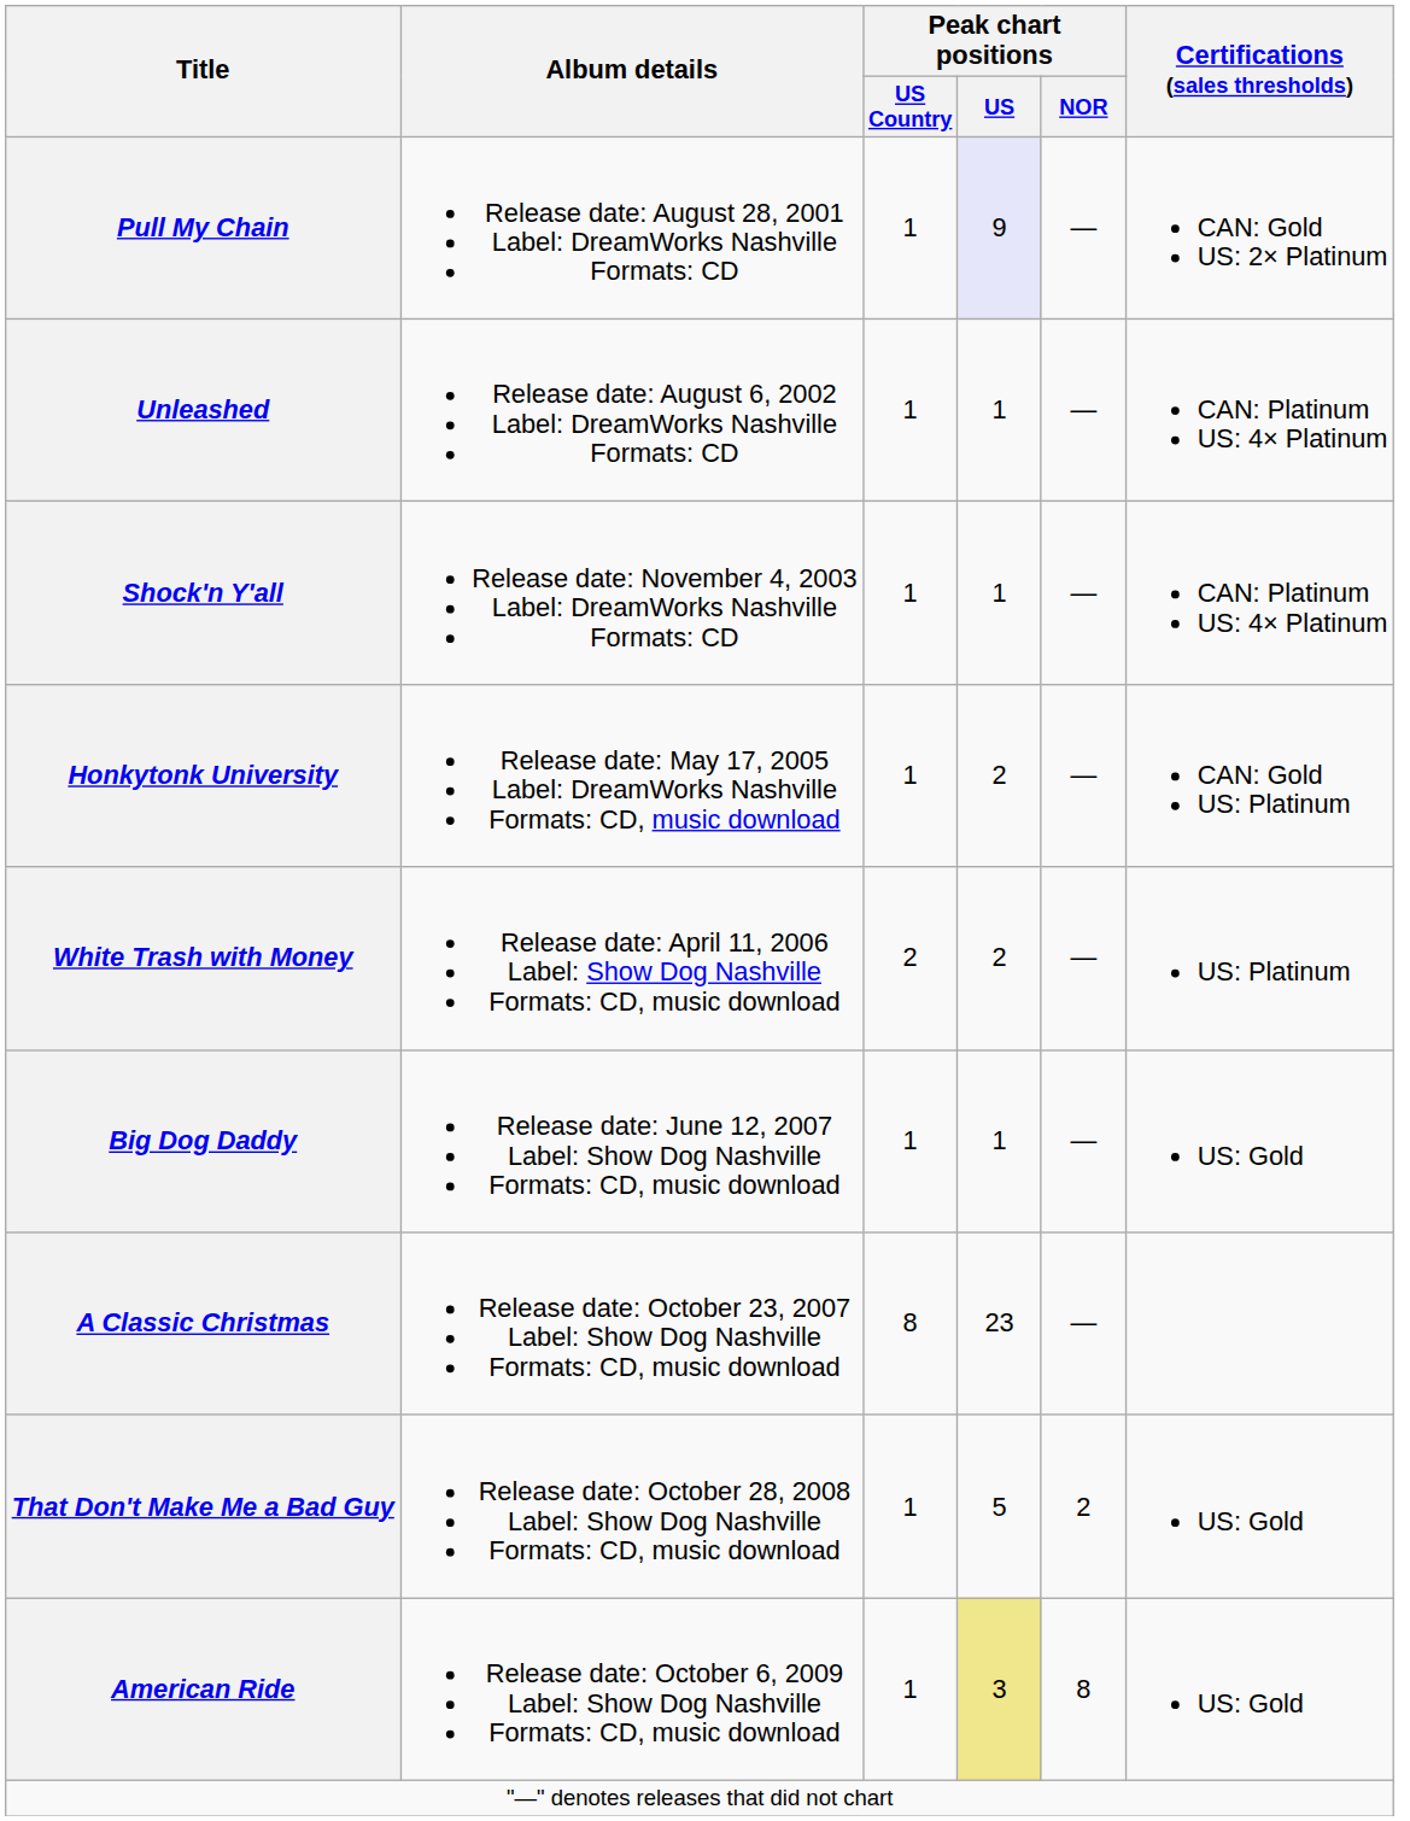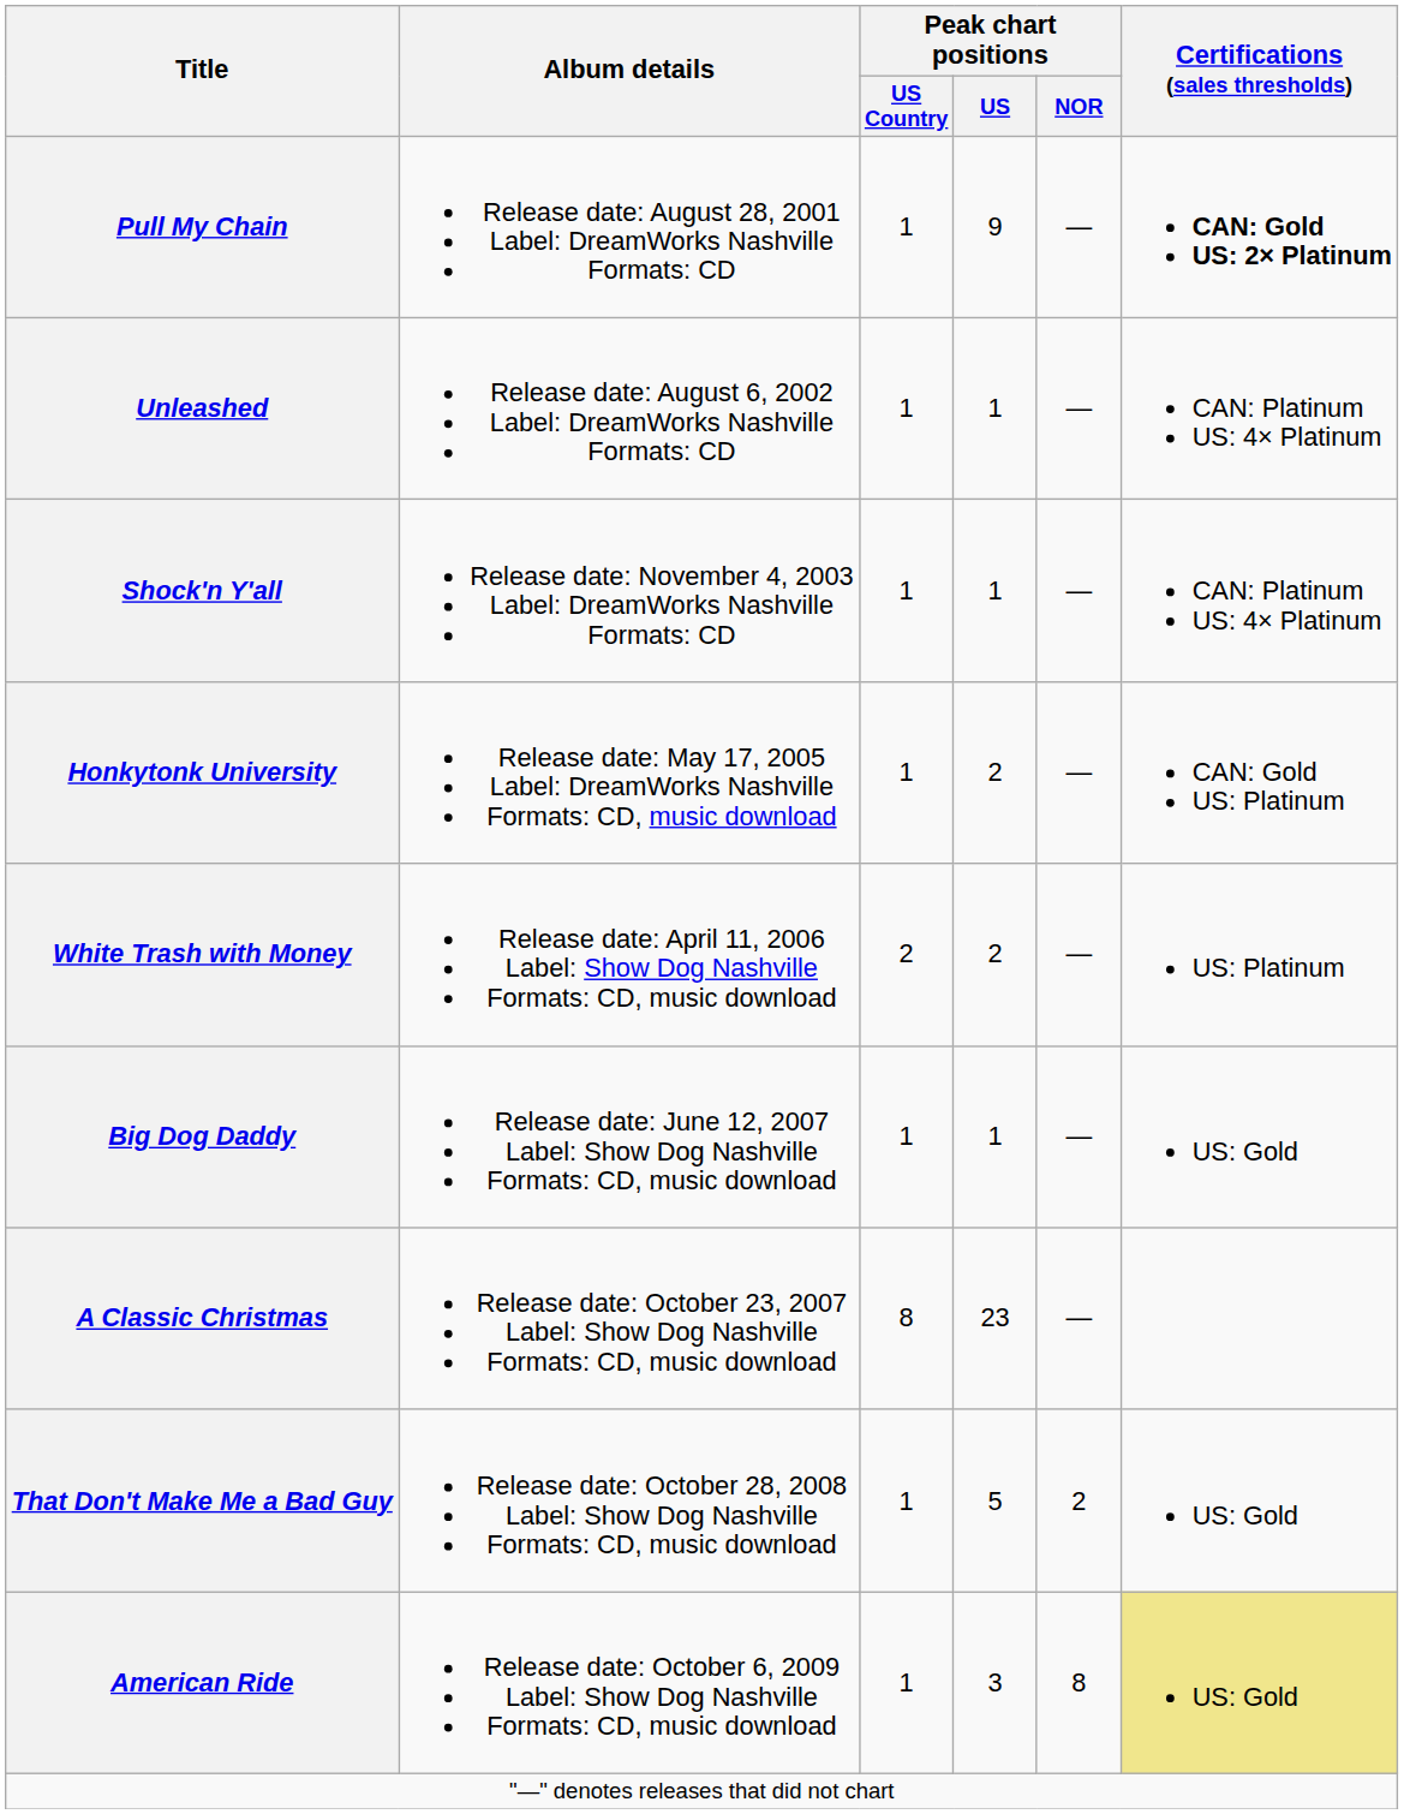 <table class="wikitable plainrowheaders" style="text-align:center;">
 <tr>
 <th scope="col" rowspan="2">Title</th>
 <th scope="col" rowspan="2">Album details</th>
 <th scope="col" colspan="3">Peak chart positions</th>
 <th scope="col" rowspan="2"><a href='#'>Certifications</a><br><small>(<a href='#'>sales thresholds</a>)</small></th>
 </tr>
 <tr style="font-size:smaller;">
 <th width="45"><a href='#'>US Country</a><br></th>
 <th width="45"><a href='#'>US</a><br></th>
 <th width="45"><a href='#'>NOR</a><br></th>
 </tr>
 <tr>
 <th scope="row"><em><a href='#'>Pull My Chain</a></em></th>
 <td><br><ul><li>Release date: August 28, 2001</li><li>Label: DreamWorks Nashville</li><li>Formats: CD</li></ul></td>
 <td>1</td>
-<td style="background: lavender;">9</td>
+<td>9</td>
 <td>—</td>
-<td align="left"><br><ul><li>CAN: Gold</li><li>US: 2× Platinum</li></ul></td>
+<td align="left"><strong><br><ul><li>CAN: Gold</li><li>US: 2× Platinum</li></ul></strong></td>
 </tr>
 <tr>
 <th scope="row"><em><a href='#'>Unleashed</a></em></th>
 <td><br><ul><li>Release date: August 6, 2002</li><li>Label: DreamWorks Nashville</li><li>Formats: CD</li></ul></td>
 <td>1</td>
 <td>1</td>
 <td>—</td>
 <td align="left"><br><ul><li>CAN: Platinum</li><li>US: 4× Platinum</li></ul></td>
 </tr>
 <tr>
 <th scope="row"><em><a href='#'>Shock'n Y'all</a></em></th>
 <td><br><ul><li>Release date: November 4, 2003</li><li>Label: DreamWorks Nashville</li><li>Formats: CD</li></ul></td>
 <td>1</td>
 <td>1</td>
 <td>—</td>
 <td align="left"><br><ul><li>CAN: Platinum</li><li>US: 4× Platinum</li></ul></td>
 </tr>
 <tr>
 <th scope="row"><em><a href='#'>Honkytonk University</a></em></th>
 <td><br><ul><li>Release date: May 17, 2005</li><li>Label: DreamWorks Nashville</li><li>Formats: CD, <a href='#'>music download</a></li></ul></td>
 <td>1</td>
 <td>2</td>
 <td>—</td>
 <td align="left"><br><ul><li>CAN: Gold</li><li>US: Platinum</li></ul></td>
 </tr>
 <tr>
 <th scope="row"><em><a href='#'>White Trash with Money</a></em></th>
 <td><br><ul><li>Release date: April 11, 2006</li><li>Label: <a href='#'>Show Dog Nashville</a></li><li>Formats: CD, music download</li></ul></td>
 <td>2</td>
 <td>2</td>
 <td>—</td>
 <td align="left"><br><ul><li>US: Platinum</li></ul></td>
 </tr>
 <tr>
 <th scope="row"><em><a href='#'>Big Dog Daddy</a></em></th>
 <td><br><ul><li>Release date: June 12, 2007</li><li>Label: Show Dog Nashville</li><li>Formats: CD, music download</li></ul></td>
 <td>1</td>
 <td>1</td>
 <td>—</td>
 <td align="left"><br><ul><li>US: Gold</li></ul></td>
 </tr>
 <tr>
 <th scope="row"><em><a href='#'>A Classic Christmas</a></em></th>
 <td><br><ul><li>Release date: October 23, 2007</li><li>Label: Show Dog Nashville</li><li>Formats: CD, music download</li></ul></td>
 <td>8</td>
 <td>23</td>
 <td>—</td>
 <td></td>
 </tr>
 <tr>
 <th scope="row"><em><a href='#'>That Don't Make Me a Bad Guy</a></em></th>
 <td><br><ul><li>Release date: October 28, 2008</li><li>Label: Show Dog Nashville</li><li>Formats: CD, music download</li></ul></td>
 <td>1</td>
 <td>5</td>
 <td>2</td>
 <td align="left"><br><ul><li>US: Gold</li></ul></td>
 </tr>
 <tr>
 <th scope="row"><em><a href='#'>American Ride</a></em></th>
 <td><br><ul><li>Release date: October 6, 2009</li><li>Label: Show Dog Nashville</li><li>Formats: CD, music download</li></ul></td>
 <td>1</td>
-<td style="background: khaki;">3</td>
+<td>3</td>
 <td>8</td>
-<td align="left"><br><ul><li>US: Gold</li></ul></td>
+<td align="left" style="background: khaki;"><br><ul><li>US: Gold</li></ul></td>
 </tr>
 <tr>
 <td colspan="7" style="font-size:85%">"—" denotes releases that did not chart</td>
 </tr>
 </table>
